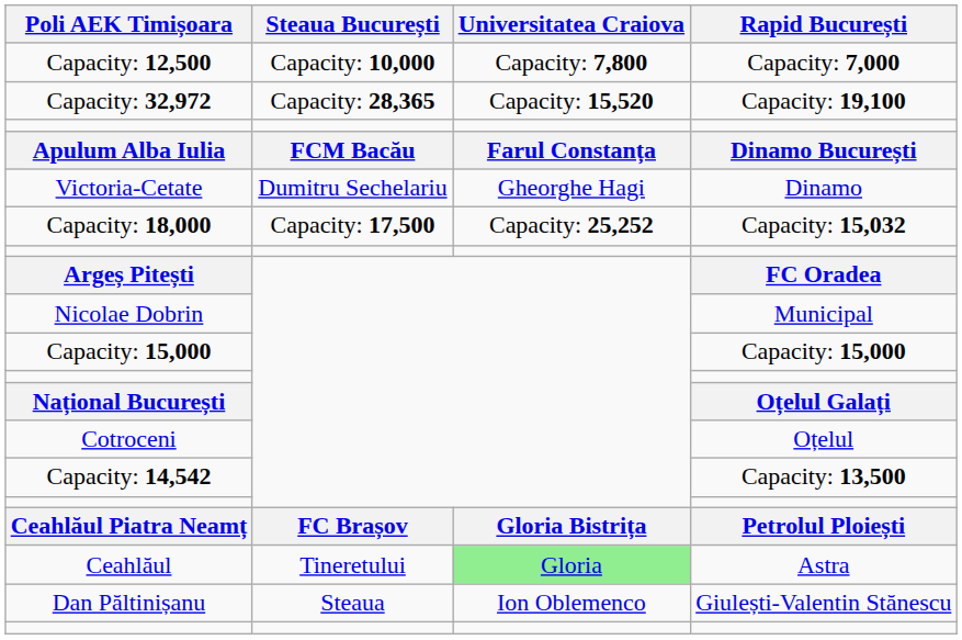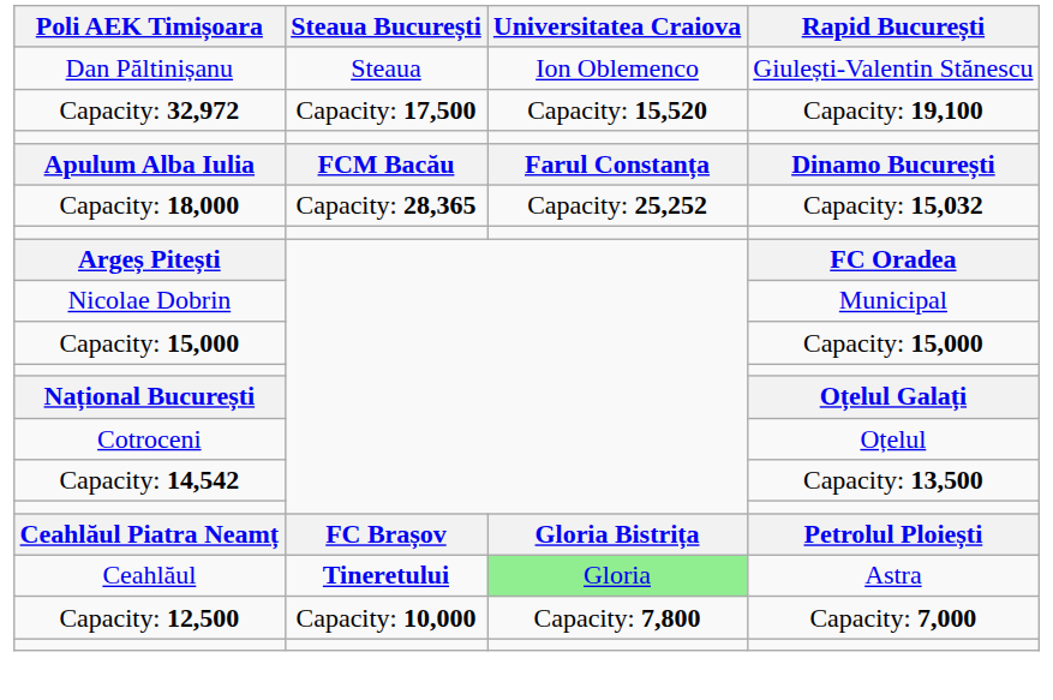 <table class="wikitable" style="text-align:center;margin:0.5em auto;">
 <tr>
 <th><a href='#'>Poli AEK Timișoara</a></th>
 <th><a href='#'>Steaua București</a></th>
 <th><a href='#'>Universitatea Craiova</a></th>
 <th><a href='#'>Rapid București</a></th>
 </tr>
 <tr>
-<td>Capacity: <strong>12,500</strong></td>
-<td>Capacity: <strong>10,000</strong></td>
-<td>Capacity: <strong>7,800</strong></td>
-<td>Capacity: <strong>7,000</strong></td>
+<td><a href='#'>Dan Păltinișanu</a></td>
+<td><a href='#'>Steaua</a></td>
+<td><a href='#'>Ion Oblemenco</a></td>
+<td><a href='#'>Giulești-Valentin Stănescu</a></td>
 </tr>
 <tr>
 <td>Capacity: <strong>32,972</strong></td>
-<td>Capacity: <strong>28,365</strong></td>
+<td>Capacity: <strong>17,500</strong></td>
 <td>Capacity: <strong>15,520</strong></td>
 <td>Capacity: <strong>19,100</strong></td>
 </tr>
 <tr>
 <td></td>
 <td></td>
 <td></td>
 <td></td>
 </tr>
 <tr>
 <th><a href='#'>Apulum Alba Iulia</a></th>
 <th><a href='#'>FCM Bacău</a></th>
 <th><a href='#'>Farul Constanța</a></th>
 <th><a href='#'>Dinamo București</a></th>
 </tr>
 <tr>
-<td><a href='#'>Victoria-Cetate</a></td>
-<td><a href='#'>Dumitru Sechelariu</a></td>
-<td><a href='#'>Gheorghe Hagi</a></td>
-<td><a href='#'>Dinamo</a></td>
-</tr>
-<tr>
 <td>Capacity: <strong>18,000</strong></td>
-<td>Capacity: <strong>17,500</strong></td>
+<td>Capacity: <strong>28,365</strong></td>
 <td>Capacity: <strong>25,252</strong></td>
 <td>Capacity: <strong>15,032</strong></td>
 </tr>
 <tr>
 <td></td>
 <td></td>
 <td></td>
 <td></td>
 </tr>
 <tr>
 <th><a href='#'>Argeș Pitești</a></th>
 <td colspan="2" rowspan="8"><br> </td>
 <th><a href='#'>FC Oradea</a></th>
 </tr>
 <tr>
 <td><a href='#'>Nicolae Dobrin</a></td>
 <td><a href='#'>Municipal</a></td>
 </tr>
 <tr>
 <td>Capacity: <strong>15,000</strong></td>
 <td>Capacity: <strong>15,000</strong></td>
 </tr>
 <tr>
 <td></td>
 <td></td>
 </tr>
 <tr>
 <th><a href='#'>Național București</a></th>
 <th><a href='#'>Oțelul Galați</a></th>
 </tr>
 <tr>
 <td><a href='#'>Cotroceni</a></td>
 <td><a href='#'>Oțelul</a></td>
 </tr>
 <tr>
 <td>Capacity: <strong>14,542</strong></td>
 <td>Capacity: <strong>13,500</strong></td>
 </tr>
 <tr>
 <td></td>
 <td></td>
 </tr>
 <tr>
 <th><a href='#'>Ceahlăul Piatra Neamț</a></th>
 <th><a href='#'>FC Brașov</a></th>
 <th><a href='#'>Gloria Bistrița</a></th>
 <th><a href='#'>Petrolul Ploiești</a></th>
 </tr>
 <tr>
 <td><a href='#'>Ceahlăul</a></td>
-<td><a href='#'>Tineretului</a></td>
+<td><strong><a href='#'>Tineretului</a></strong></td>
 <td style="background: lightgreen;"><a href='#'>Gloria</a></td>
 <td><a href='#'>Astra</a></td>
 </tr>
 <tr>
-<td><a href='#'>Dan Păltinișanu</a></td>
-<td><a href='#'>Steaua</a></td>
-<td><a href='#'>Ion Oblemenco</a></td>
-<td><a href='#'>Giulești-Valentin Stănescu</a></td>
+<td>Capacity: <strong>12,500</strong></td>
+<td>Capacity: <strong>10,000</strong></td>
+<td>Capacity: <strong>7,800</strong></td>
+<td>Capacity: <strong>7,000</strong></td>
 </tr>
 <tr>
 <td></td>
 <td></td>
 <td></td>
 <td></td>
 </tr>
 </table>
